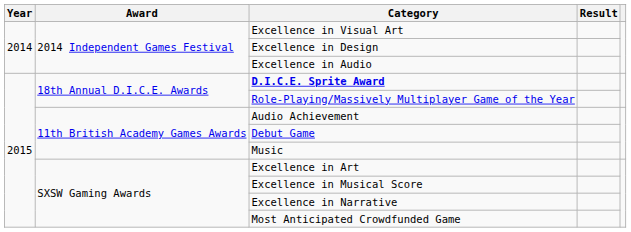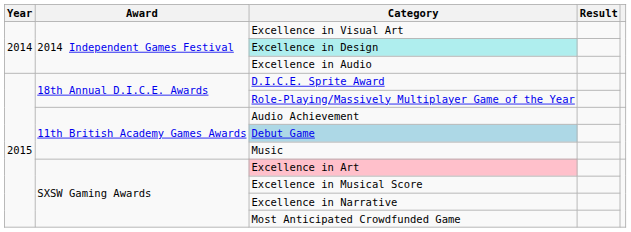 <table class="wikitable sortable">
 <tr>
 <th>Year</th>
 <th>Award</th>
 <th>Category</th>
 <th>Result</th>
 <th></th>
 </tr>
 <tr>
 <td style="text-align:center;" rowspan="3">2014</td>
 <td rowspan="3">2014 <a href='#'>Independent Games Festival</a></td>
 <td>Excellence in Visual Art</td>
 <td></td>
 <td rowspan="3" style="text-align:center;"></td>
 </tr>
 <tr>
-<td>Excellence in Design</td>
+<td style="background: paleturquoise;">Excellence in Design</td>
 <td></td>
 </tr>
 <tr>
 <td>Excellence in Audio</td>
 <td></td>
 </tr>
 <tr>
 <td style="text-align:center;" rowspan="9">2015</td>
 <td rowspan="2"><a href='#'>18th Annual D.I.C.E. Awards</a></td>
-<td><strong><a href='#'>D.I.C.E. Sprite Award</a></strong></td>
+<td><a href='#'>D.I.C.E. Sprite Award</a></td>
 <td></td>
 <td rowspan="2" style="text-align:center;"></td>
 </tr>
 <tr>
 <td><a href='#'>Role-Playing/Massively Multiplayer Game of the Year</a></td>
 <td></td>
 </tr>
 <tr>
 <td rowspan="3"><a href='#'>11th British Academy Games Awards</a></td>
 <td>Audio Achievement</td>
 <td></td>
 <td rowspan="3" style="text-align:center;"></td>
 </tr>
 <tr>
-<td><a href='#'>Debut Game</a></td>
+<td style="background: lightblue;"><a href='#'>Debut Game</a></td>
 <td></td>
 </tr>
 <tr>
 <td>Music</td>
 <td></td>
 </tr>
 <tr>
 <td rowspan="4">SXSW Gaming Awards</td>
-<td>Excellence in Art</td>
+<td style="background: pink;">Excellence in Art</td>
 <td></td>
 <td rowspan="4" style="text-align:center;"></td>
 </tr>
 <tr>
 <td>Excellence in Musical Score</td>
 <td></td>
 </tr>
 <tr>
 <td>Excellence in Narrative</td>
 <td></td>
 </tr>
 <tr>
 <td>Most Anticipated Crowdfunded Game</td>
 <td></td>
 </tr>
 </table>
